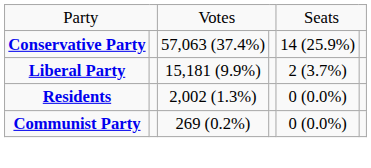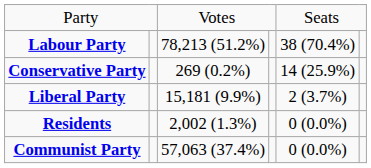 <table class=wikitable style="text-align:center;">
 <tr>
 <td colspan=2>Party</td>
 <td colspan=2>Votes</td>
 <td colspan=2>Seats</td>
 </tr>
 <tr>
+<td><strong><a href='#'>Labour Party</a></strong></td>
+<td style="background:"></td>
+<td>78,213 (51.2%)</td>
+<td></td>
+<td>38 (70.4%)</td>
+<td></td>
+</tr>
+<tr>
 <td><strong><a href='#'>Conservative Party</a></strong></td>
 <td style="background:"></td>
-<td>57,063 (37.4%)</td>
+<td>269 (0.2%)</td>
 <td></td>
 <td>14 (25.9%)</td>
 <td></td>
 </tr>
 <tr>
 <td><strong><a href='#'>Liberal Party</a></strong></td>
 <td style="background:"></td>
 <td>15,181 (9.9%)</td>
 <td></td>
 <td>2 (3.7%)</td>
 <td></td>
 </tr>
 <tr>
 <td><strong><a href='#'>Residents</a></strong></td>
 <td style="background:"></td>
 <td>2,002 (1.3%)</td>
 <td></td>
 <td>0 (0.0%)</td>
 <td></td>
 </tr>
 <tr>
 <td><strong><a href='#'>Communist Party</a></strong></td>
 <td style="background:"></td>
-<td>269 (0.2%)</td>
+<td>57,063 (37.4%)</td>
 <td></td>
 <td>0  (0.0%)</td>
 <td></td>
 </tr>
 </table>
